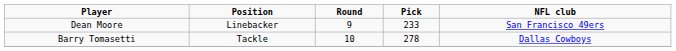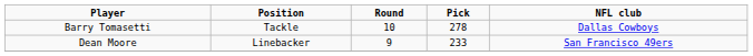 <table class="wikitable" width="80%">
 <tr align="center">
 <td><strong>Player</strong></td>
 <td><strong>Position</strong></td>
 <td><strong>Round</strong></td>
 <td><strong>Pick</strong></td>
 <td><strong>NFL club</strong></td>
 </tr>
 <tr align="center" bgcolor="">
+<td>Barry Tomasetti</td>
+<td>Tackle</td>
+<td>10</td>
+<td>278</td>
+<td><a href='#'>Dallas Cowboys</a></td>
+</tr>
+<tr align="center" bgcolor="">
 <td>Dean Moore</td>
 <td>Linebacker</td>
 <td>9</td>
 <td>233</td>
 <td><a href='#'>San Francisco 49ers</a></td>
 </tr>
 <tr align="center" bgcolor="">
-<td>Barry Tomasetti</td>
-<td>Tackle</td>
-<td>10</td>
-<td>278</td>
-<td><a href='#'>Dallas Cowboys</a></td>
-</tr>
-<tr align="center" bgcolor="">
 </tr>
 </table>
